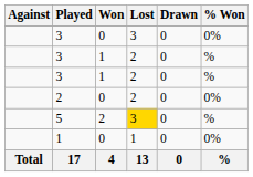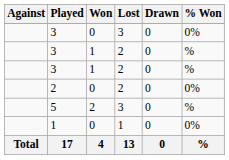 <table class="sortable wikitable" style="font-size: 87%;">
 <tr>
 <th>Against</th>
 <th>Played</th>
 <th>Won</th>
 <th>Lost</th>
 <th>Drawn</th>
 <th>% Won</th>
 </tr>
 <tr bgcolor="#d0ffd0" align="center">
 </tr>
 <tr>
 <td align="left"></td>
 <td>3</td>
 <td>0</td>
 <td>3</td>
 <td>0</td>
 <td>0%</td>
 </tr>
 <tr>
 <td align="left"></td>
 <td>3</td>
 <td>1</td>
 <td>2</td>
 <td>0</td>
 <td>%</td>
 </tr>
 <tr>
 <td align="left"></td>
 <td>3</td>
 <td>1</td>
 <td>2</td>
 <td>0</td>
 <td>%</td>
 </tr>
 <tr>
 <td align="left"></td>
 <td>2</td>
 <td>0</td>
 <td>2</td>
 <td>0</td>
 <td>0%</td>
 </tr>
 <tr>
 <td align="left"></td>
 <td>5</td>
 <td>2</td>
-<td style="background: gold;">3</td>
+<td>3</td>
 <td>0</td>
 <td>%</td>
 </tr>
 <tr>
 <td align="left"></td>
 <td>1</td>
 <td>0</td>
 <td>1</td>
 <td>0</td>
 <td>0%</td>
 </tr>
 <tr>
 <th>Total</th>
 <th><strong>17</strong></th>
 <th><strong>4</strong></th>
 <th><strong>13</strong></th>
 <th><strong>0</strong></th>
 <th><strong>%</strong></th>
 </tr>
 </table>
